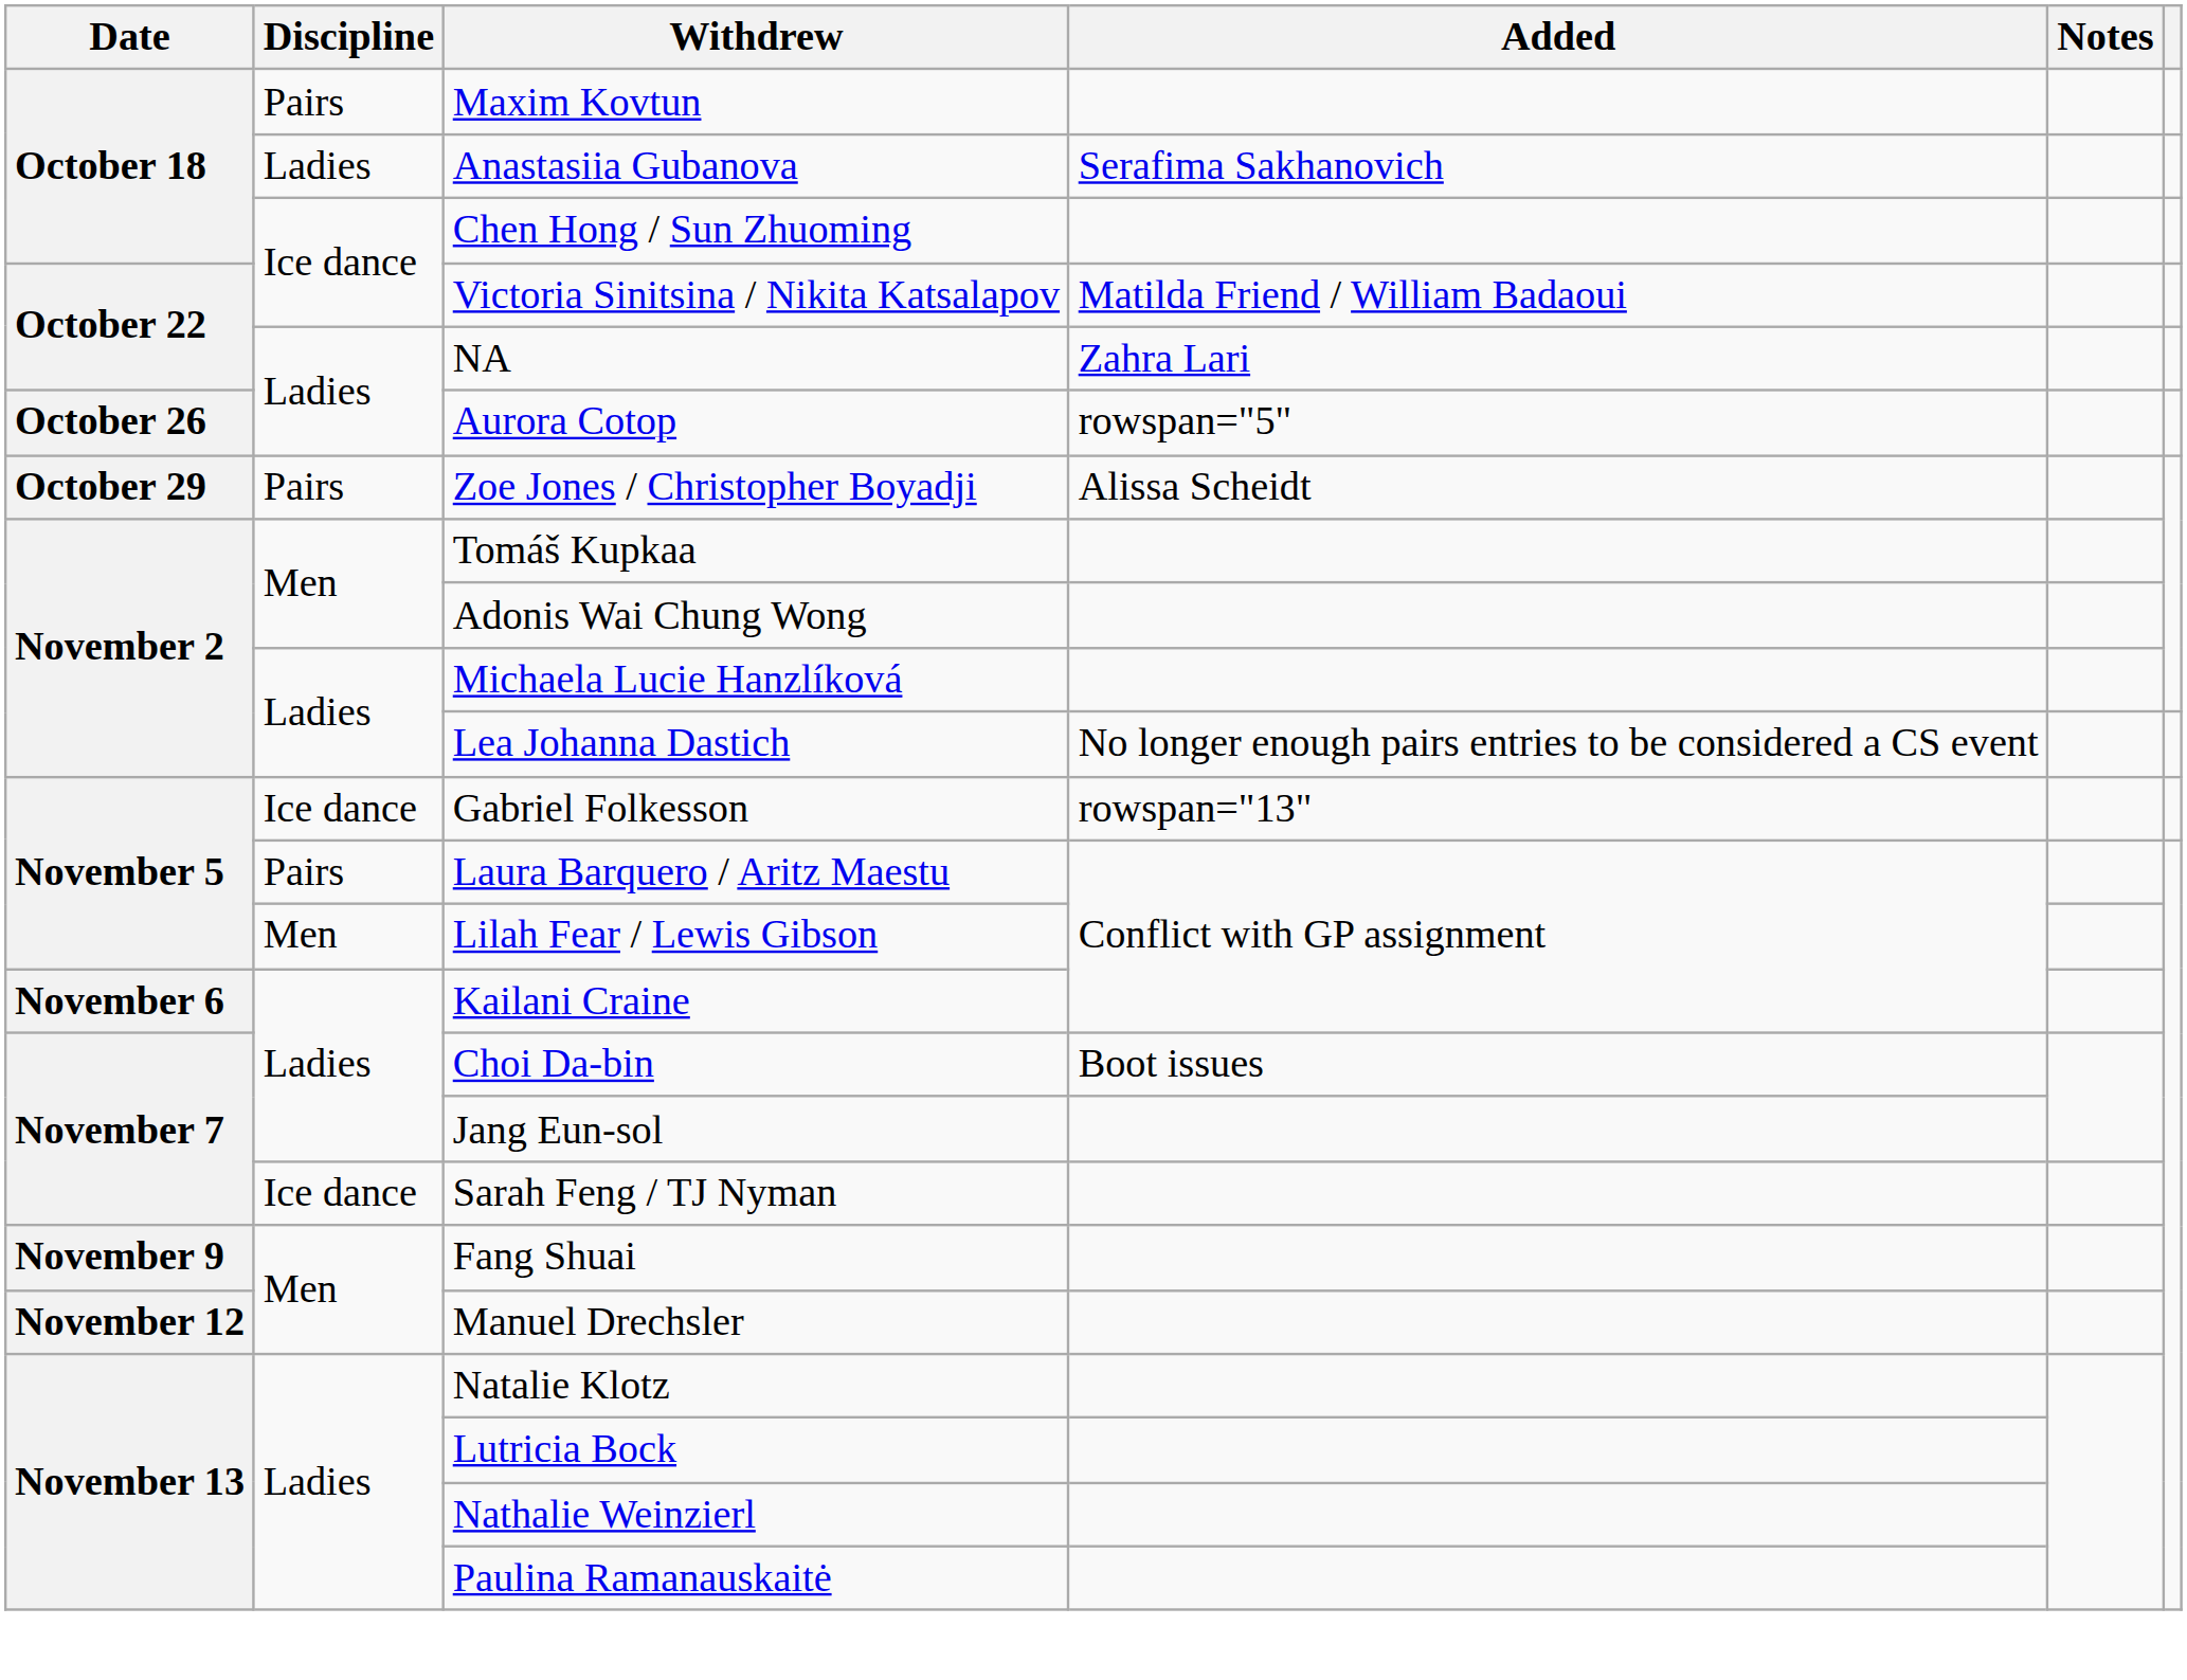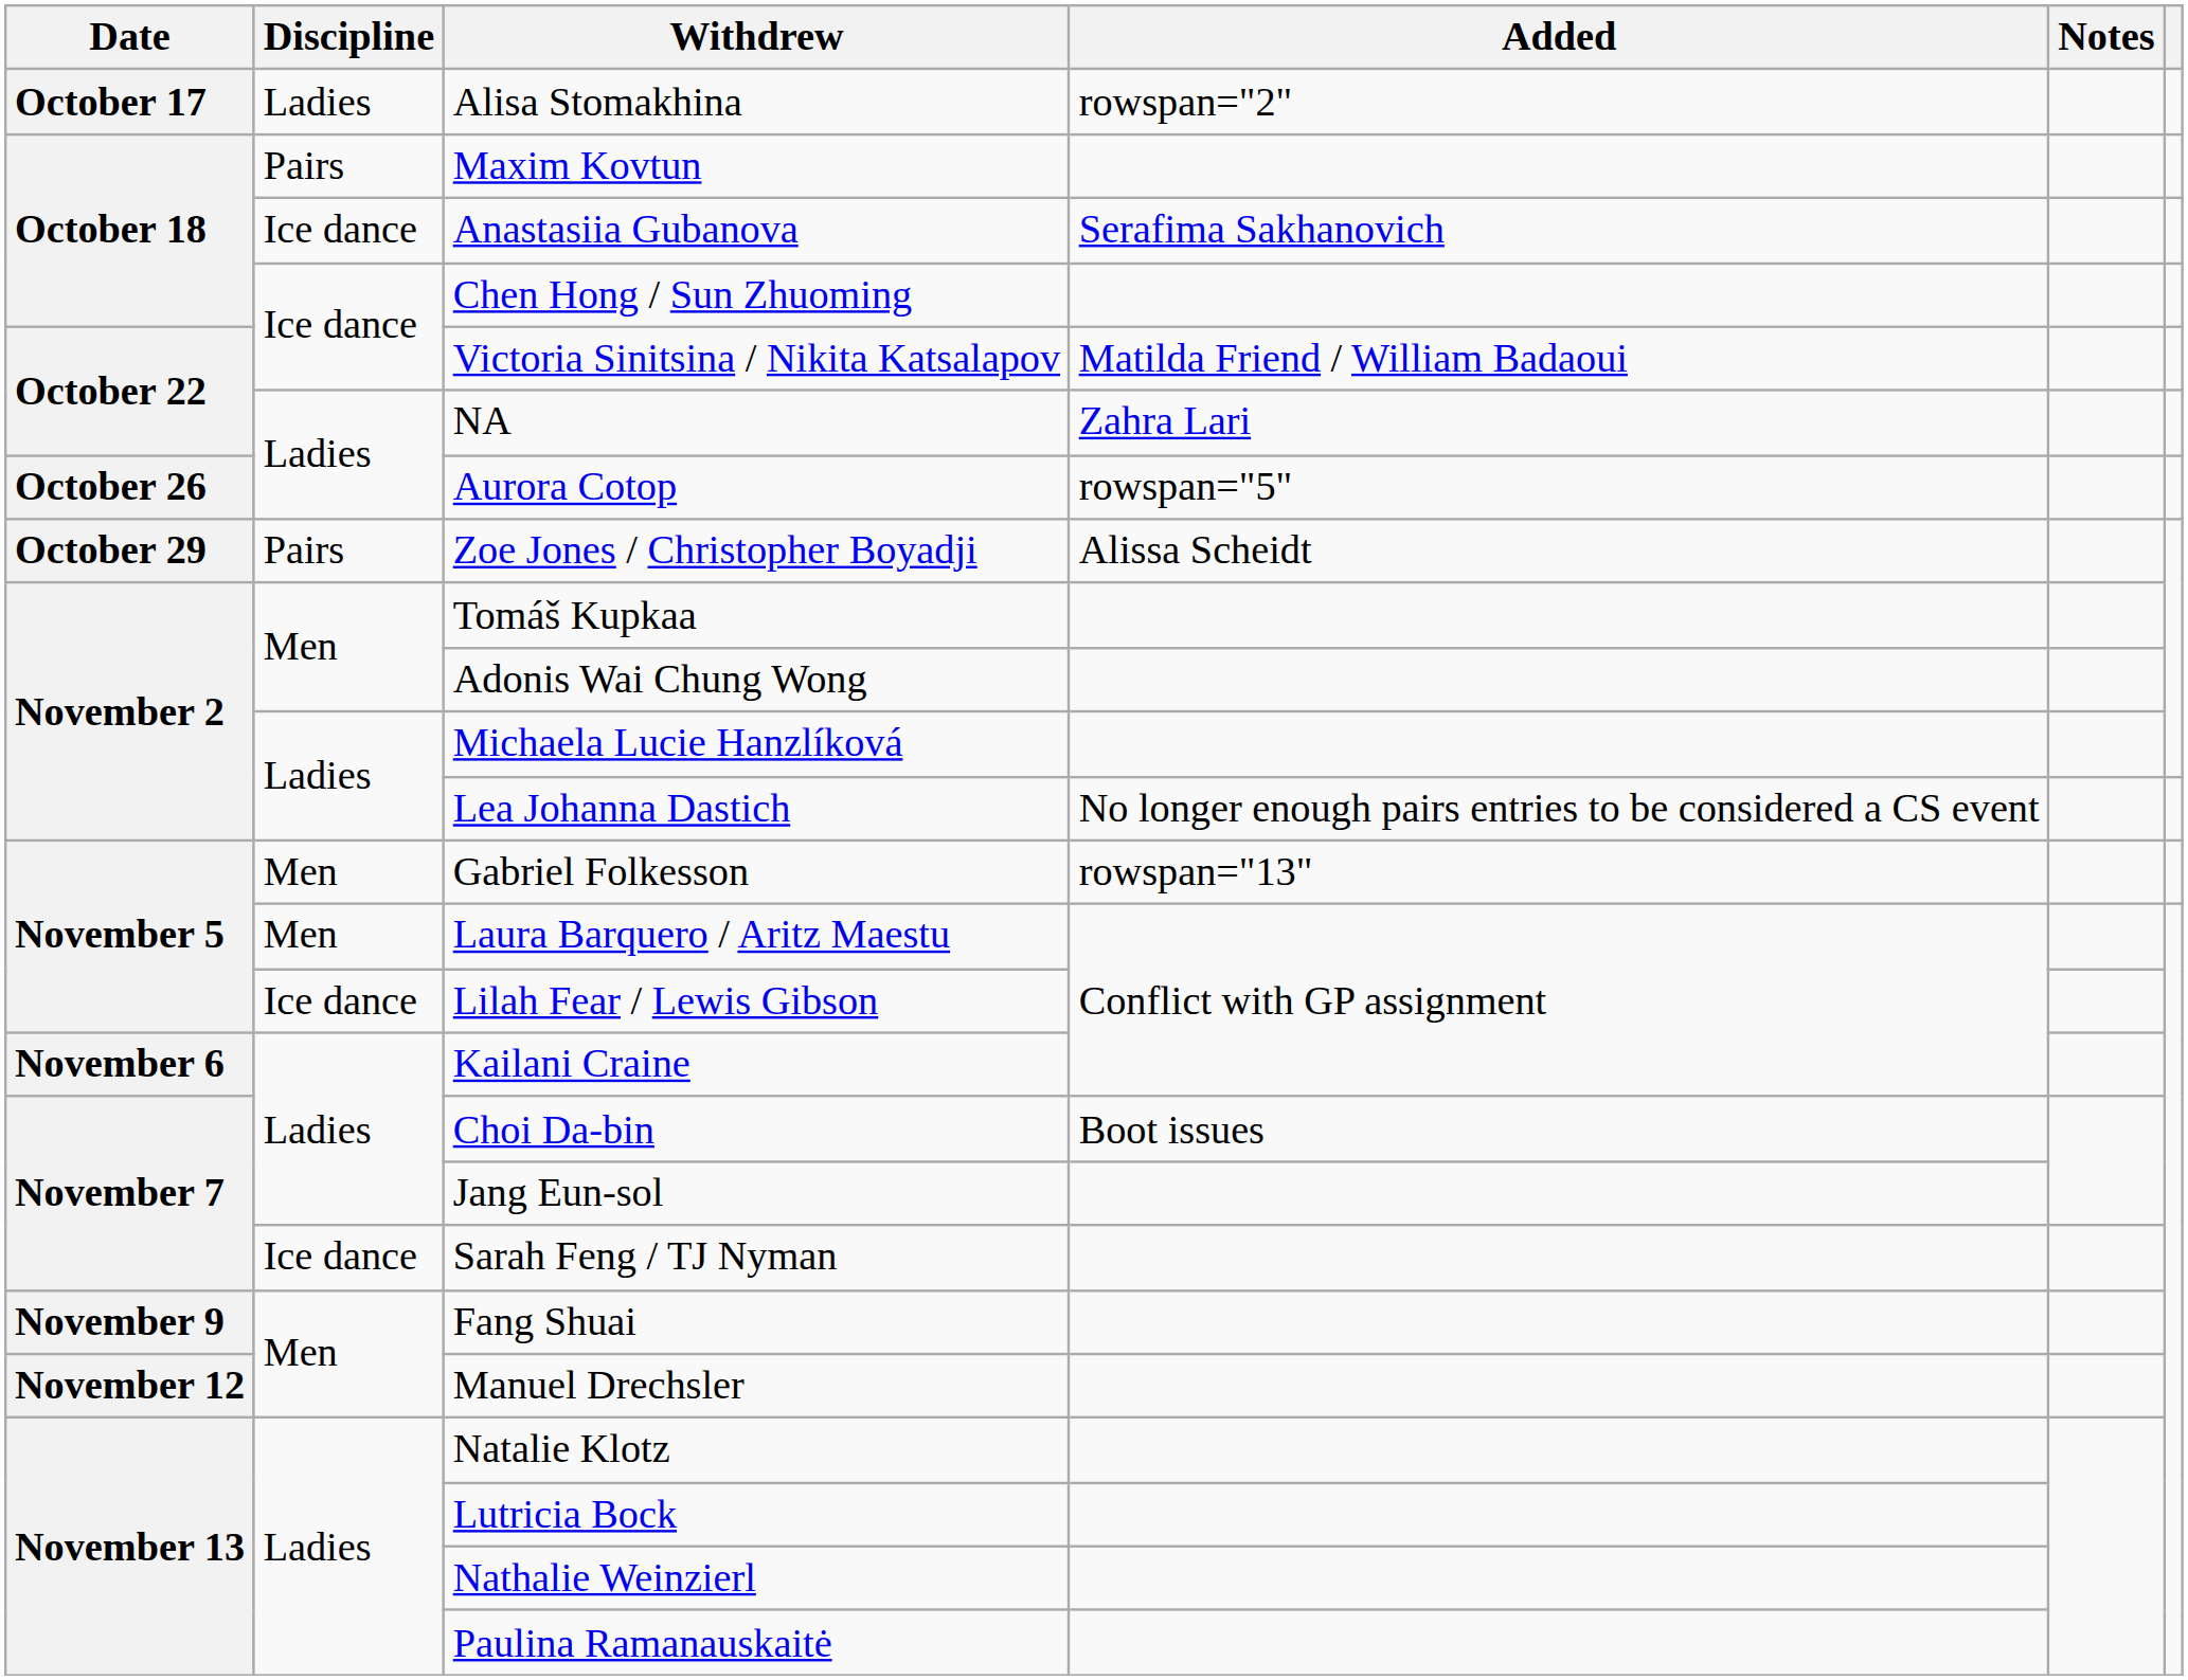 <table class="wikitable unsortable">
 <tr>
 <th scope="col">Date</th>
 <th scope="col">Discipline</th>
 <th scope="col">Withdrew</th>
 <th scope="col">Added</th>
 <th scope="col">Notes</th>
 <th scope="col"></th>
 </tr>
 <tr>
+<th scope="row" style="text-align:left">October 17</th>
+<td>Ladies</td>
+<td> Alisa Stomakhina</td>
+<td>rowspan="2" </td>
+<td></td>
+<td></td>
+</tr>
+<tr>
 <th scope="row" style="text-align:left" rowspan="3">October 18</th>
 <td>Pairs</td>
 <td> <a href='#'>Maxim Kovtun</a></td>
 <td></td>
 <td></td>
 </tr>
 <tr>
-<td>Ladies</td>
+<td>Ice dance</td>
 <td> <a href='#'>Anastasiia Gubanova</a></td>
 <td> <a href='#'>Serafima Sakhanovich</a></td>
 <td></td>
 <td></td>
 </tr>
 <tr>
 <td rowspan="2">Ice dance</td>
 <td> <a href='#'>Chen Hong</a> / <a href='#'>Sun Zhuoming</a></td>
 <td></td>
 <td></td>
 <td></td>
 </tr>
 <tr>
 <th scope="row" style="text-align:left" rowspan="2">October 22</th>
 <td> <a href='#'>Victoria Sinitsina</a> / <a href='#'>Nikita Katsalapov</a></td>
 <td> <a href='#'>Matilda Friend</a> / <a href='#'>William Badaoui</a></td>
 <td></td>
 <td></td>
 </tr>
 <tr>
 <td rowspan="2">Ladies</td>
 <td>NA</td>
 <td> <a href='#'>Zahra Lari</a></td>
 <td></td>
 <td></td>
 </tr>
 <tr>
 <th scope="row" style="text-align:left">October 26</th>
 <td> <a href='#'>Aurora Cotop</a></td>
 <td>rowspan="5" </td>
 <td></td>
 <td></td>
 </tr>
 <tr>
 <th scope="row" style="text-align:left">October 29</th>
 <td>Pairs</td>
 <td> <a href='#'>Zoe Jones</a> / <a href='#'>Christopher Boyadji</a></td>
 <td> Alissa Scheidt</td>
 <td></td>
 </tr>
 <tr>
 <th scope="row" style="text-align:left" rowspan="4">November 2</th>
 <td rowspan="2">Men</td>
 <td> Tomáš Kupkaa</td>
 <td></td>
 <td></td>
 </tr>
 <tr>
 <td> Adonis Wai Chung Wong</td>
 <td></td>
 <td></td>
 </tr>
 <tr>
 <td rowspan="2">Ladies</td>
 <td> <a href='#'>Michaela Lucie Hanzlíková</a></td>
 <td></td>
 <td></td>
 </tr>
 <tr>
 <td> <a href='#'>Lea Johanna Dastich</a></td>
 <td>No longer enough pairs entries to be considered a CS event</td>
 <td></td>
 <td></td>
 </tr>
 <tr>
 <th scope="row" style="text-align:left" rowspan="3">November 5</th>
-<td>Ice dance</td>
+<td>Men</td>
 <td> Gabriel Folkesson</td>
 <td>rowspan="13" </td>
 <td></td>
 <td></td>
 </tr>
 <tr>
-<td>Pairs</td>
+<td>Men</td>
 <td> <a href='#'>Laura Barquero</a> / <a href='#'>Aritz Maestu</a></td>
 <td rowspan="3">Conflict with GP assignment</td>
 <td></td>
 </tr>
 <tr>
-<td>Men</td>
+<td>Ice dance</td>
 <td> <a href='#'>Lilah Fear</a> / <a href='#'>Lewis Gibson</a></td>
 <td></td>
 </tr>
 <tr>
 <th scope="row" style="text-align:left">November 6</th>
 <td rowspan="3">Ladies</td>
 <td> <a href='#'>Kailani Craine</a></td>
 <td></td>
 </tr>
 <tr>
 <th scope="row" style="text-align:left" rowspan="3">November 7</th>
 <td> <a href='#'>Choi Da-bin</a></td>
 <td>Boot issues</td>
 <td rowspan="2"></td>
 </tr>
 <tr>
 <td> Jang Eun-sol</td>
 <td></td>
 </tr>
 <tr>
 <td>Ice dance</td>
 <td> Sarah Feng / TJ Nyman</td>
 <td></td>
 <td></td>
 </tr>
 <tr>
 <th scope="row" style="text-align:left">November 9</th>
 <td rowspan="2">Men</td>
 <td> Fang Shuai</td>
 <td></td>
 <td></td>
 </tr>
 <tr>
 <th scope="row" style="text-align:left">November 12</th>
 <td> Manuel Drechsler</td>
 <td></td>
 <td></td>
 </tr>
 <tr>
 <th scope="row" style="text-align:left" rowspan="4">November 13</th>
 <td rowspan="4">Ladies</td>
 <td> Natalie Klotz</td>
 <td></td>
 <td rowspan="4"></td>
 </tr>
 <tr>
 <td> <a href='#'>Lutricia Bock</a></td>
 <td></td>
 </tr>
 <tr>
 <td> <a href='#'>Nathalie Weinzierl</a></td>
 <td></td>
 </tr>
 <tr>
 <td> <a href='#'>Paulina Ramanauskaitė</a></td>
 <td></td>
 </tr>
 </table>
